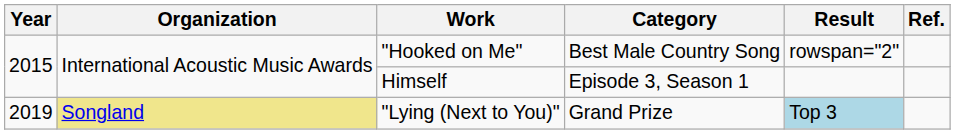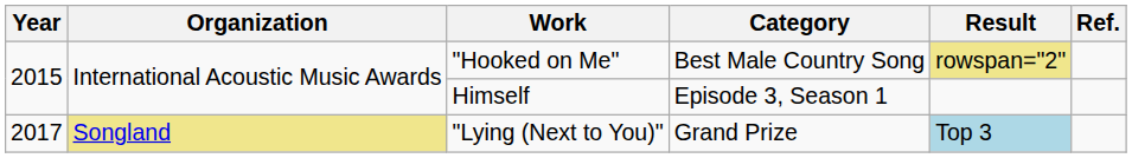 <table class="wikitable">
 <tr>
 <th>Year</th>
 <th>Organization</th>
 <th>Work</th>
 <th>Category</th>
 <th>Result</th>
 <th>Ref.</th>
 </tr>
 <tr>
 <td rowspan="2">2015</td>
 <td rowspan="2">International Acoustic Music Awards</td>
 <td rowspan="1">"Hooked on Me"</td>
 <td>Best Male Country Song</td>
-<td>rowspan="2" </td>
+<td style="background: khaki;">rowspan="2" </td>
 <td></td>
 </tr>
 <tr>
 <td>Himself</td>
 <td>Episode 3, Season 1</td>
 <td></td>
 </tr>
 <tr>
-<td>2019</td>
+<td>2017</td>
 <td style="background: khaki;"><a href='#'>Songland</a></td>
 <td>"Lying (Next to You)"</td>
 <td>Grand Prize</td>
 <td style="background:lightblue;">Top 3</td>
 <td></td>
 </tr>
 </table>
